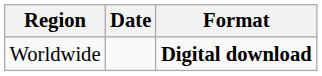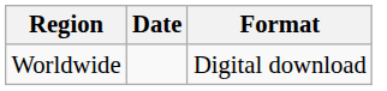 <table class="wikitable">
 <tr>
 <th>Region</th>
 <th>Date</th>
 <th>Format</th>
 </tr>
 <tr>
 <td rowspan="2">Worldwide</td>
 <td></td>
-<td><strong>Digital download</strong></td>
+<td>Digital download</td>
 </tr>
 </table>
